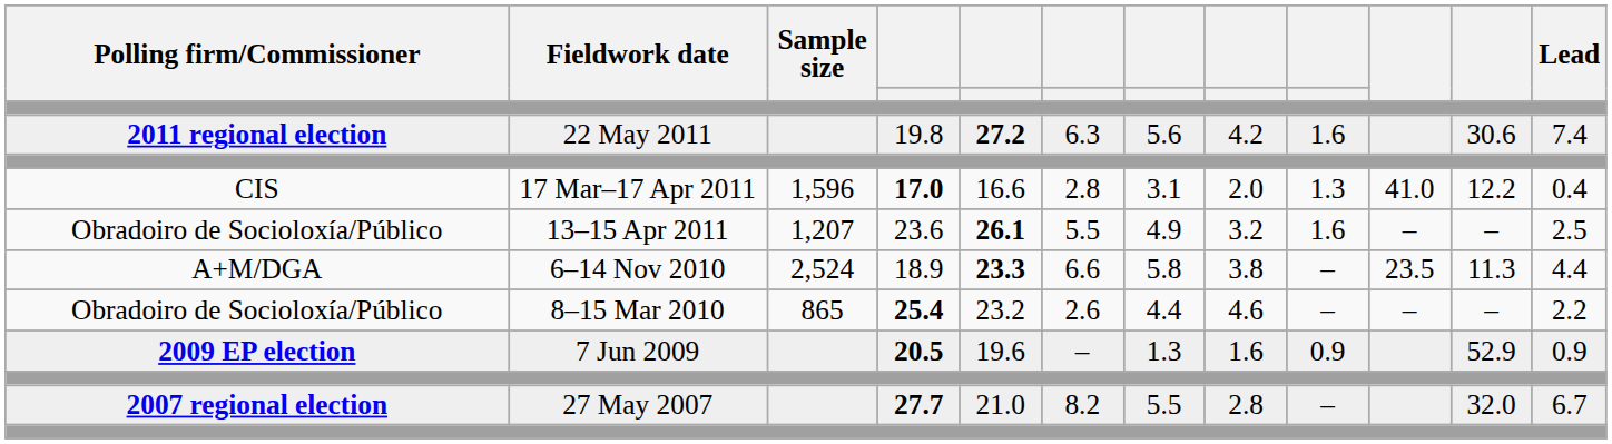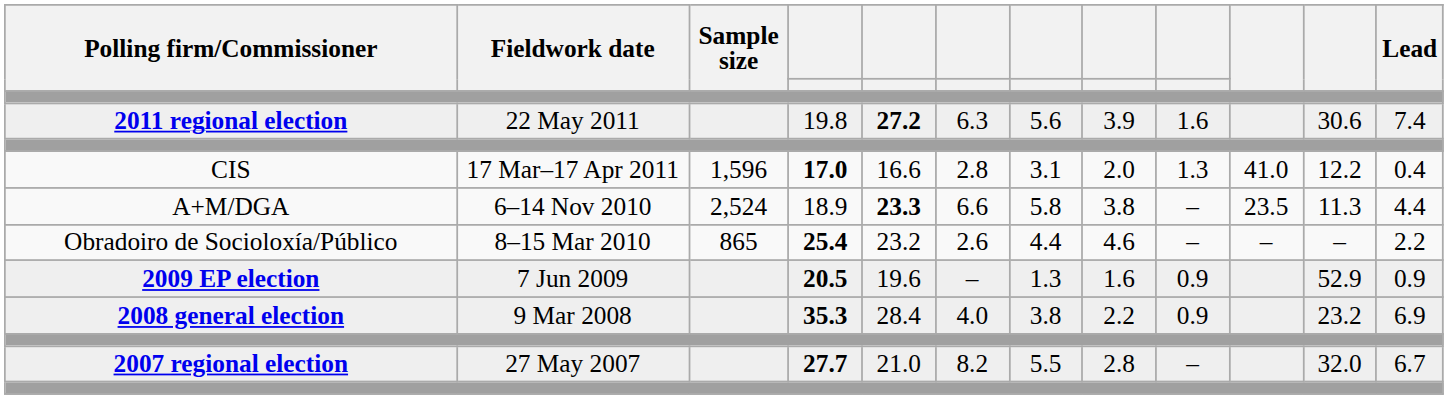 <table class="wikitable collapsible collapsed" style="text-align:center; font-size:90%; line-height:14px;">
 <tr style="height:42px;">
 <th style="width:250px;" rowspan="2">Polling firm/Commissioner</th>
 <th style="width:125px;" rowspan="2">Fieldwork date</th>
 <th style="width:50px;" rowspan="2">Sample size</th>
 <th style="width:35px;"></th>
 <th style="width:35px;"></th>
 <th style="width:35px;"></th>
 <th style="width:35px;"></th>
 <th style="width:35px;"></th>
 <th style="width:35px;"></th>
 <th style="width:35px;" rowspan="2"></th>
 <th style="width:35px;" rowspan="2"></th>
 <th style="width:30px;" rowspan="2">Lead</th>
 </tr>
 <tr>
 <th style="color:inherit;background:"></th>
 <th style="color:inherit;background:"></th>
 <th style="color:inherit;background:"></th>
 <th style="color:inherit;background:"></th>
 <th style="color:inherit;background:"></th>
 <th style="color:inherit;background:"></th>
 </tr>
 <tr>
 <td colspan="12" style="background:#A0A0A0"></td>
 </tr>
 <tr style="background:#EFEFEF;">
 <td><strong><a href='#'>2011 regional election</a></strong></td>
 <td>22 May 2011</td>
 <td></td>
 <td>19.8</td>
 <td><strong>27.2</strong></td>
 <td>6.3</td>
 <td>5.6</td>
-<td>4.2</td>
+<td>3.9</td>
 <td>1.6</td>
 <td></td>
 <td>30.6</td>
 <td style="background:">7.4</td>
 </tr>
 <tr>
 <td colspan="12" style="background:#A0A0A0"></td>
 </tr>
 <tr>
 <td>CIS</td>
 <td>17 Mar–17 Apr 2011</td>
 <td>1,596</td>
 <td><strong>17.0</strong></td>
 <td>16.6</td>
 <td>2.8</td>
 <td>3.1</td>
 <td>2.0</td>
 <td>1.3</td>
 <td>41.0</td>
 <td>12.2</td>
 <td style="background:">0.4</td>
-</tr>
-<tr>
-<td>Obradoiro de Socioloxía/Público</td>
-<td>13–15 Apr 2011</td>
-<td>1,207</td>
-<td>23.6</td>
-<td><strong>26.1</strong></td>
-<td>5.5</td>
-<td>4.9</td>
-<td>3.2</td>
-<td>1.6</td>
-<td>–</td>
-<td>–</td>
-<td style="background:">2.5</td>
 </tr>
 <tr>
 <td>A+M/DGA</td>
 <td>6–14 Nov 2010</td>
 <td>2,524</td>
 <td>18.9</td>
 <td><strong>23.3</strong></td>
 <td>6.6</td>
 <td>5.8</td>
 <td>3.8</td>
 <td>–</td>
 <td>23.5</td>
 <td>11.3</td>
 <td style="background:">4.4</td>
 </tr>
 <tr>
 <td>Obradoiro de Socioloxía/Público</td>
 <td>8–15 Mar 2010</td>
 <td>865</td>
 <td><strong>25.4</strong></td>
 <td>23.2</td>
 <td>2.6</td>
 <td>4.4</td>
 <td>4.6</td>
 <td>–</td>
 <td>–</td>
 <td>–</td>
 <td style="background:">2.2</td>
 </tr>
 <tr style="background:#EFEFEF;">
 <td><strong><a href='#'>2009 EP election</a></strong></td>
 <td>7 Jun 2009</td>
 <td></td>
 <td><strong>20.5</strong></td>
 <td>19.6</td>
 <td>–</td>
 <td>1.3</td>
 <td>1.6</td>
 <td>0.9</td>
 <td></td>
 <td>52.9</td>
 <td style="background:">0.9</td>
 </tr>
+<tr style="background:#EFEFEF;">
+<td><strong><a href='#'>2008 general election</a></strong></td>
+<td>9 Mar 2008</td>
+<td></td>
+<td><strong>35.3</strong></td>
+<td>28.4</td>
+<td>4.0</td>
+<td>3.8</td>
+<td>2.2</td>
+<td>0.9</td>
+<td></td>
+<td>23.2</td>
+<td style="background:">6.9</td>
+</tr>
 <tr>
 <td colspan="12" style="background:#A0A0A0"></td>
 </tr>
 <tr style="background:#EFEFEF;">
 <td><strong><a href='#'>2007 regional election</a></strong></td>
 <td>27 May 2007</td>
 <td></td>
 <td><strong>27.7</strong></td>
 <td>21.0</td>
 <td>8.2</td>
 <td>5.5</td>
 <td>2.8</td>
 <td>–</td>
 <td></td>
 <td>32.0</td>
 <td style="background:">6.7</td>
 </tr>
 <tr>
 <td colspan="12" style="background:#A0A0A0"></td>
 </tr>
 </table>
